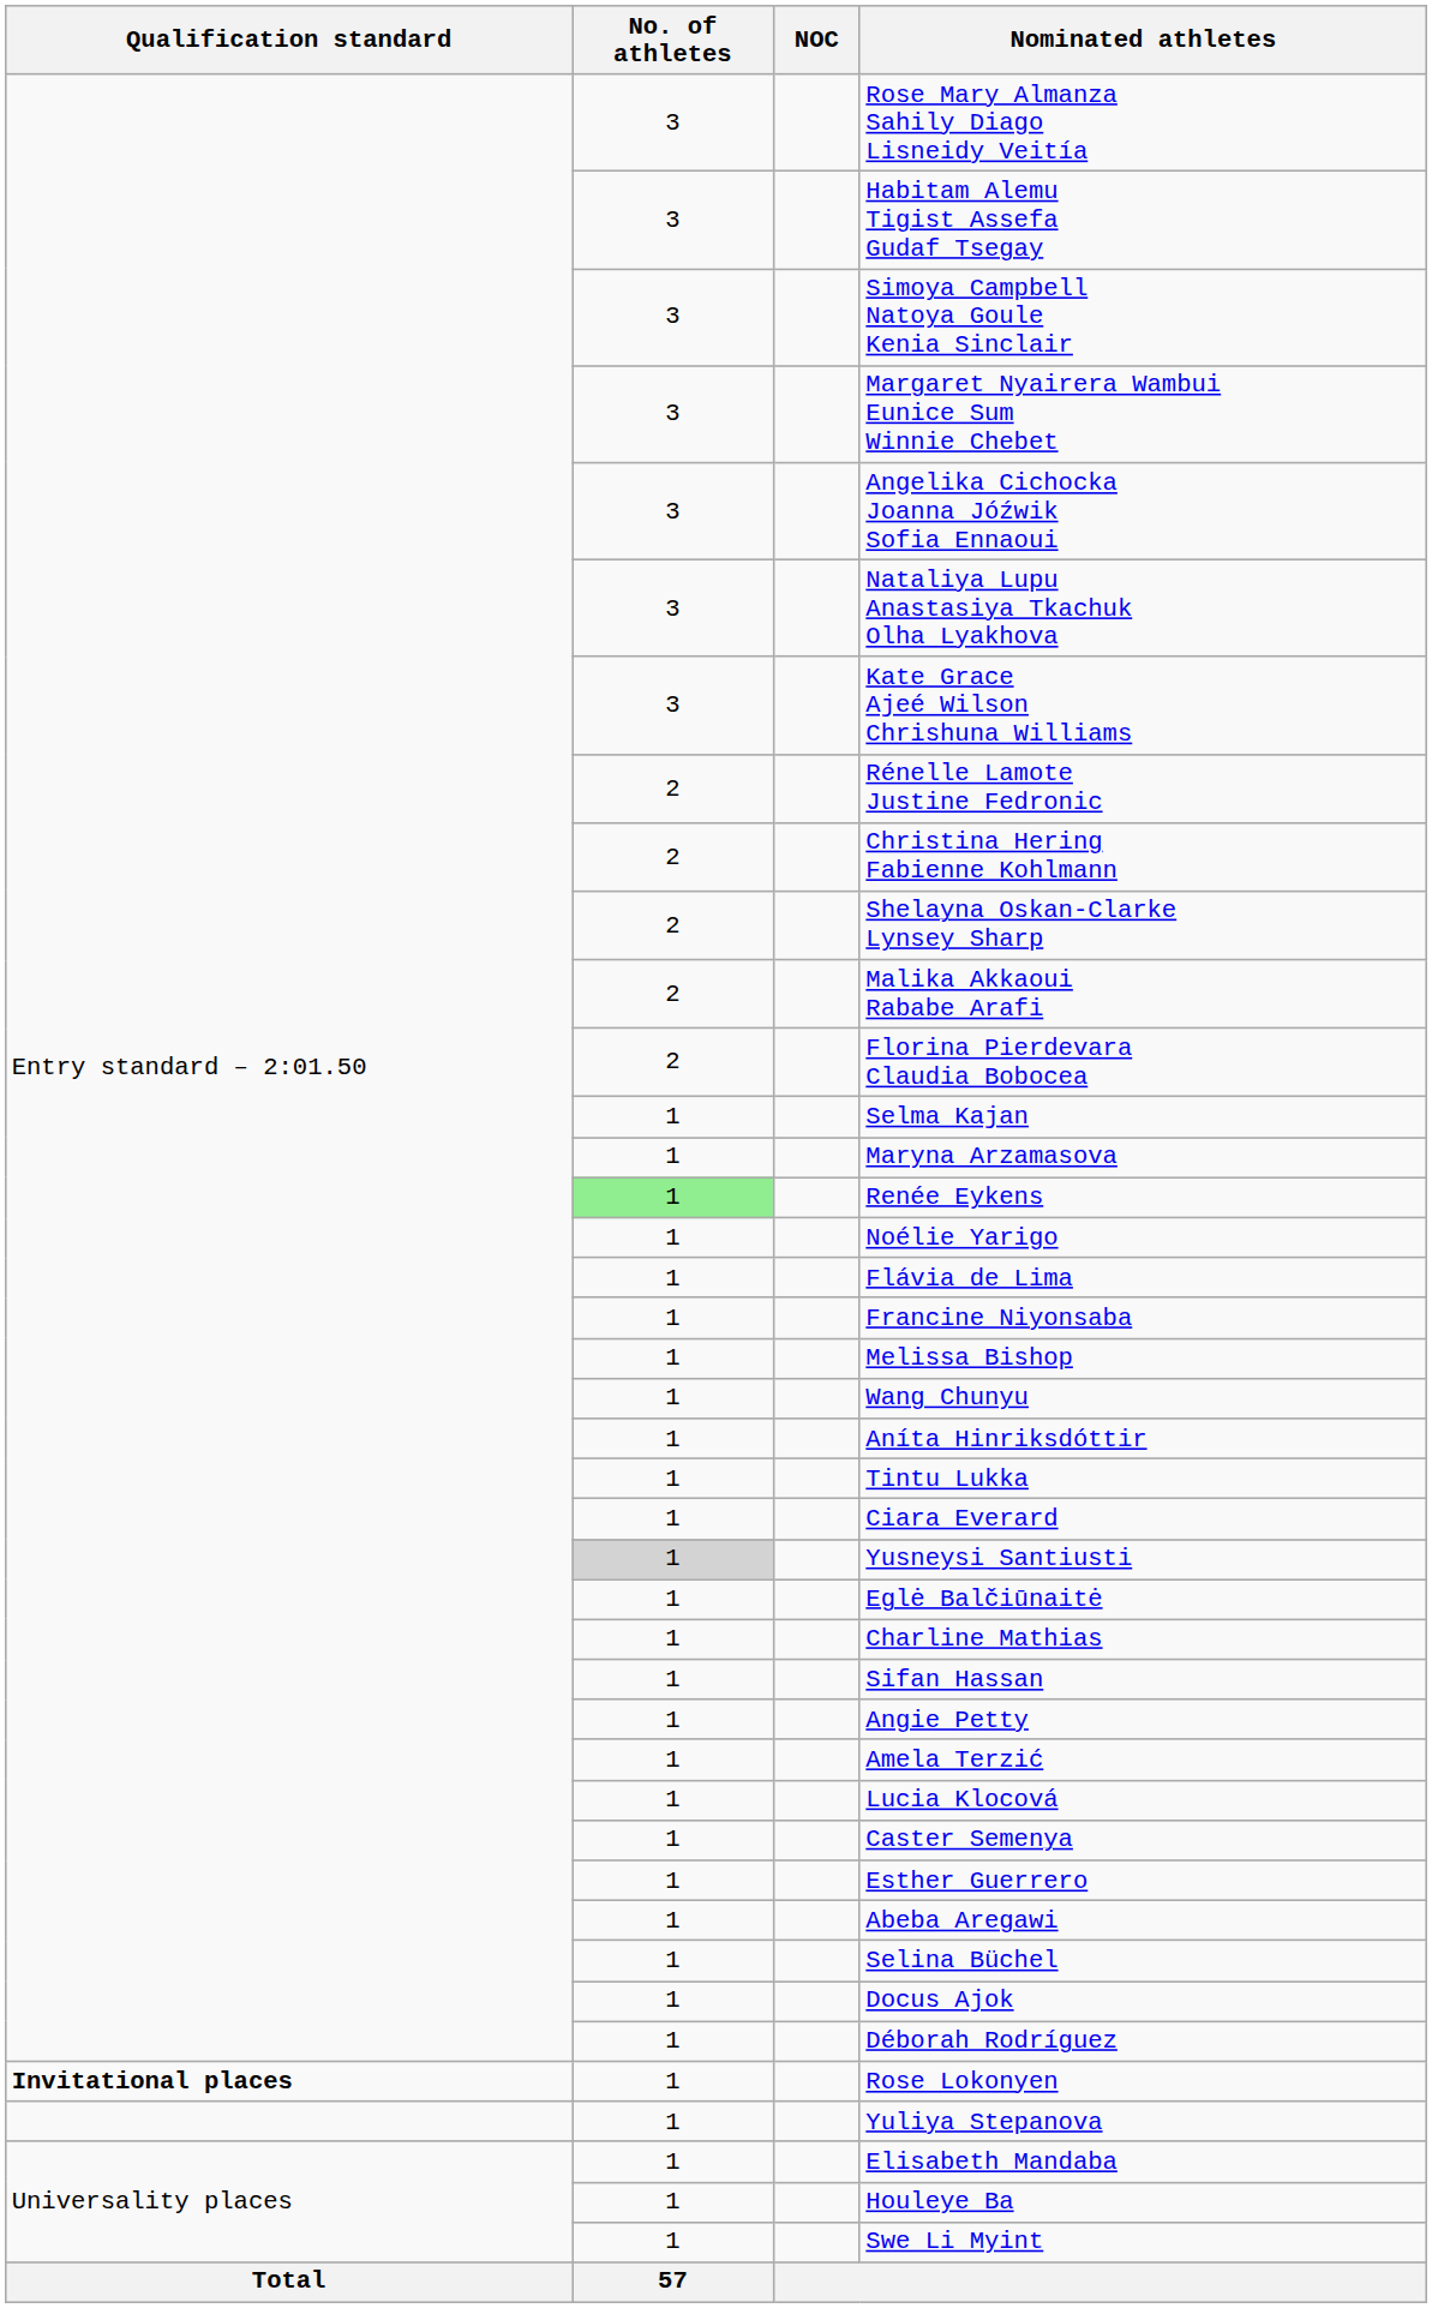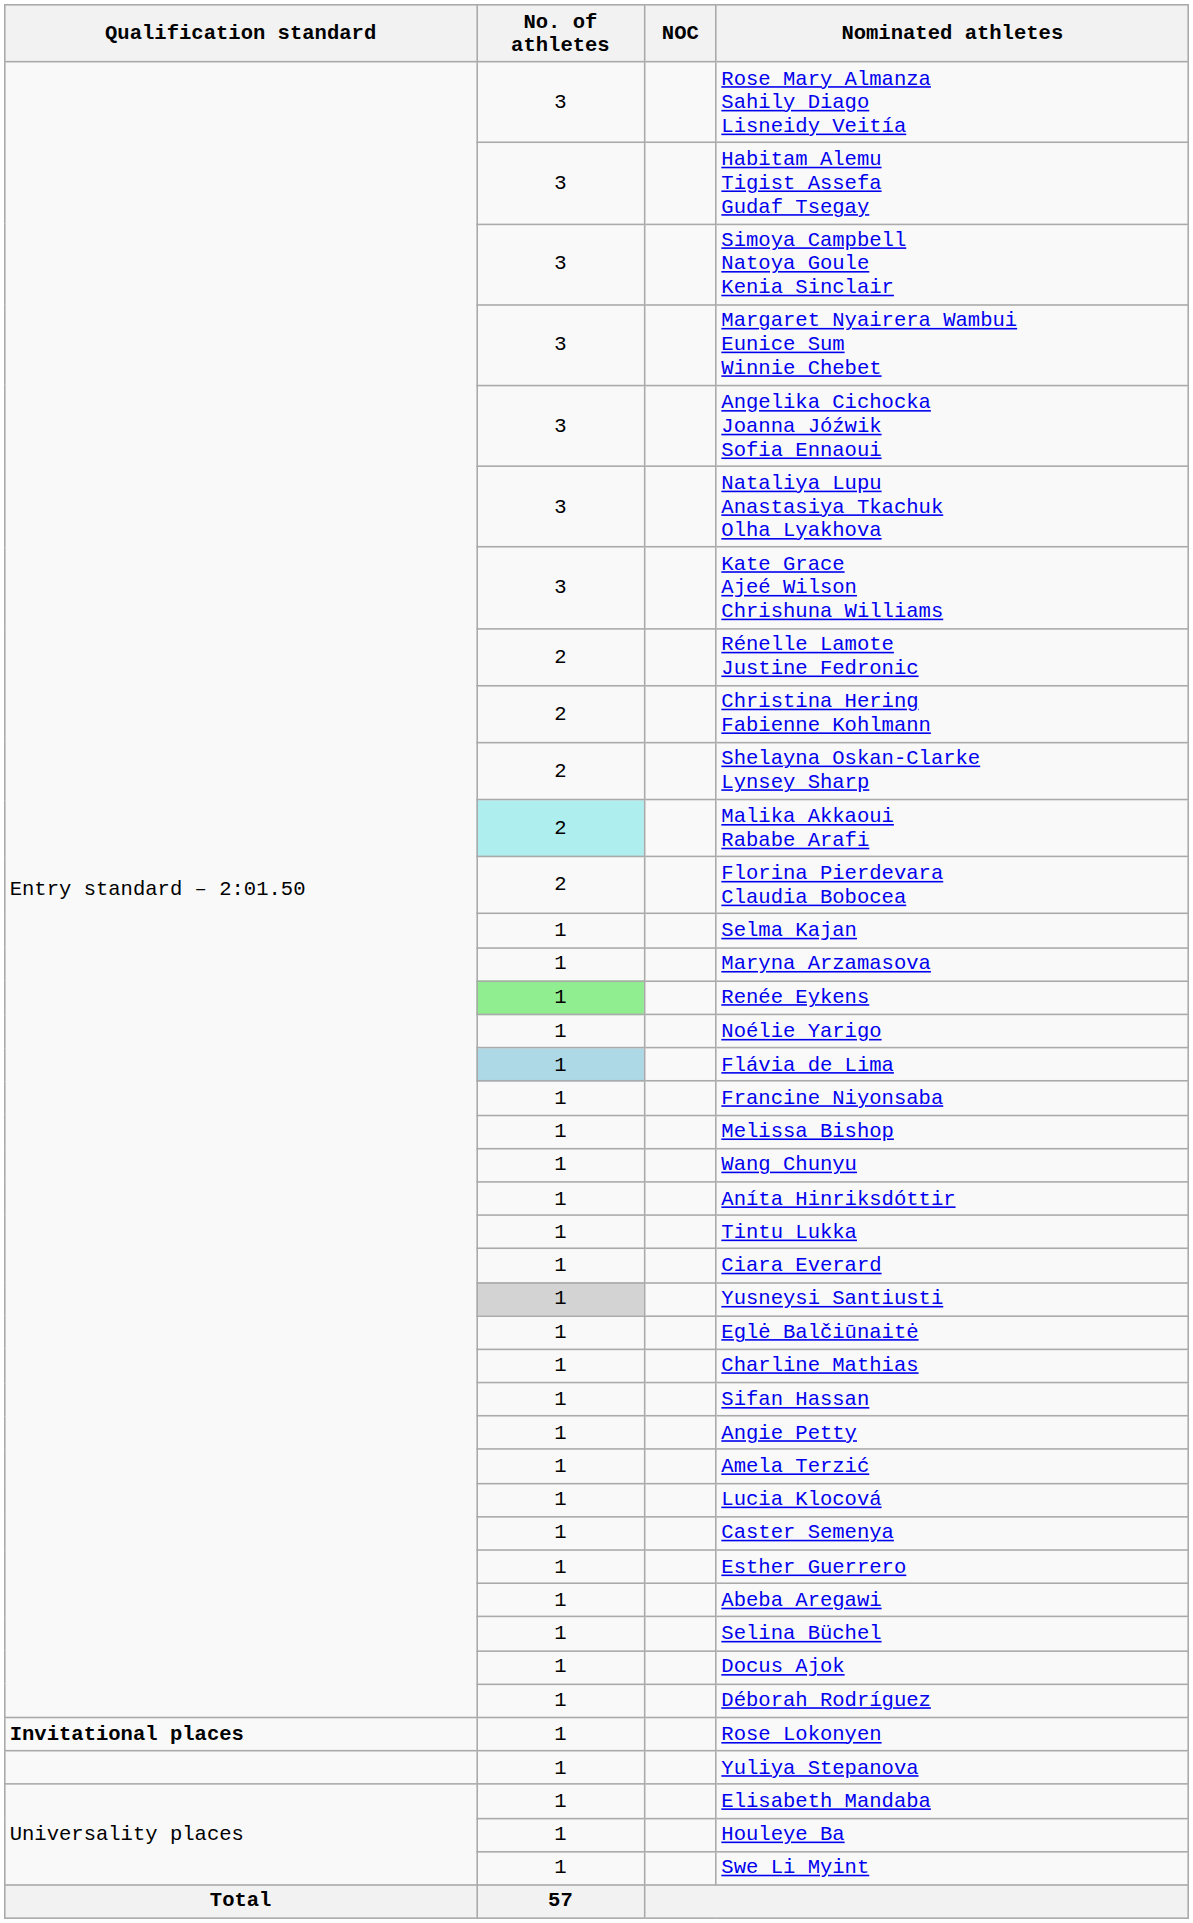 <table class="wikitable"  style="text-align:left; width:750px;">
 <tr>
 <th>Qualification standard</th>
 <th width=100>No. of athletes</th>
 <th>NOC</th>
 <th>Nominated athletes</th>
 </tr>
 <tr>
 <td rowspan=36>Entry standard – 2:01.50</td>
 <td style="text-align:center;">3</td>
 <td></td>
 <td><a href='#'>Rose Mary Almanza</a><br><a href='#'>Sahily Diago</a><br><a href='#'>Lisneidy Veitía</a></td>
 </tr>
 <tr>
 <td style="text-align:center;">3</td>
 <td></td>
 <td><a href='#'>Habitam Alemu</a><br><a href='#'>Tigist Assefa</a><br><a href='#'>Gudaf Tsegay</a></td>
 </tr>
 <tr>
 <td style="text-align:center;">3</td>
 <td></td>
 <td><a href='#'>Simoya Campbell</a><br><a href='#'>Natoya Goule</a><br><a href='#'>Kenia Sinclair</a></td>
 </tr>
 <tr>
 <td style="text-align:center;">3</td>
 <td></td>
 <td><a href='#'>Margaret Nyairera Wambui</a><br><a href='#'>Eunice Sum</a><br><a href='#'>Winnie Chebet</a></td>
 </tr>
 <tr>
 <td style="text-align:center;">3</td>
 <td></td>
 <td><a href='#'>Angelika Cichocka</a><br><a href='#'>Joanna Jóźwik</a><br><a href='#'>Sofia Ennaoui</a></td>
 </tr>
 <tr>
 <td style="text-align:center;">3</td>
 <td></td>
 <td><a href='#'>Nataliya Lupu</a><br><a href='#'>Anastasiya Tkachuk</a><br><a href='#'>Olha Lyakhova</a></td>
 </tr>
 <tr>
 <td style="text-align:center;">3</td>
 <td></td>
 <td><a href='#'>Kate Grace</a><br><a href='#'>Ajeé Wilson</a><br><a href='#'>Chrishuna Williams</a></td>
 </tr>
 <tr>
 <td style="text-align:center;">2</td>
 <td></td>
 <td><a href='#'>Rénelle Lamote</a><br><a href='#'>Justine Fedronic</a></td>
 </tr>
 <tr>
 <td style="text-align:center;">2</td>
 <td></td>
 <td><a href='#'>Christina Hering</a><br><a href='#'>Fabienne Kohlmann</a></td>
 </tr>
 <tr>
 <td style="text-align:center;">2</td>
 <td></td>
 <td><a href='#'>Shelayna Oskan-Clarke</a><br><a href='#'>Lynsey Sharp</a></td>
 </tr>
 <tr>
-<td style="text-align:center;">2</td>
+<td style="background: paleturquoise; text-align:center;">2</td>
 <td></td>
 <td><a href='#'>Malika Akkaoui</a><br><a href='#'>Rababe Arafi</a></td>
 </tr>
 <tr>
 <td style="text-align:center;">2</td>
 <td></td>
 <td><a href='#'>Florina Pierdevara</a><br><a href='#'>Claudia Bobocea</a></td>
 </tr>
 <tr>
 <td style="text-align:center;">1</td>
 <td></td>
 <td><a href='#'>Selma Kajan</a></td>
 </tr>
 <tr>
 <td style="text-align:center;">1</td>
 <td></td>
 <td><a href='#'>Maryna Arzamasova</a></td>
 </tr>
 <tr>
 <td style="background: lightgreen; text-align:center;">1</td>
 <td></td>
 <td><a href='#'>Renée Eykens</a></td>
 </tr>
 <tr>
 <td style="text-align:center;">1</td>
 <td></td>
 <td><a href='#'>Noélie Yarigo</a></td>
 </tr>
 <tr>
-<td style="text-align:center;">1</td>
+<td style="background: lightblue; text-align:center;">1</td>
 <td></td>
 <td><a href='#'>Flávia de Lima</a></td>
 </tr>
 <tr>
 <td style="text-align:center;">1</td>
 <td></td>
 <td><a href='#'>Francine Niyonsaba</a></td>
 </tr>
 <tr>
 <td style="text-align:center;">1</td>
 <td></td>
 <td><a href='#'>Melissa Bishop</a></td>
 </tr>
 <tr>
 <td style="text-align:center;">1</td>
 <td></td>
 <td><a href='#'>Wang Chunyu</a></td>
 </tr>
 <tr>
 <td style="text-align:center;">1</td>
 <td></td>
 <td><a href='#'>Aníta Hinriksdóttir</a></td>
 </tr>
 <tr>
 <td style="text-align:center;">1</td>
 <td></td>
 <td><a href='#'>Tintu Lukka</a></td>
 </tr>
 <tr>
 <td style="text-align:center;">1</td>
 <td></td>
 <td><a href='#'>Ciara Everard</a></td>
 </tr>
 <tr>
 <td style="background: lightgrey; text-align:center;">1</td>
 <td></td>
 <td><a href='#'>Yusneysi Santiusti</a></td>
 </tr>
 <tr>
 <td style="text-align:center;">1</td>
 <td></td>
 <td><a href='#'>Eglė Balčiūnaitė</a></td>
 </tr>
 <tr>
 <td style="text-align:center;">1</td>
 <td></td>
 <td><a href='#'>Charline Mathias</a></td>
 </tr>
 <tr>
 <td style="text-align:center;">1</td>
 <td></td>
 <td><a href='#'>Sifan Hassan</a></td>
 </tr>
 <tr>
 <td style="text-align:center;">1</td>
 <td></td>
 <td><a href='#'>Angie Petty</a></td>
 </tr>
 <tr>
 <td style="text-align:center;">1</td>
 <td></td>
 <td><a href='#'>Amela Terzić</a></td>
 </tr>
 <tr>
 <td style="text-align:center;">1</td>
 <td></td>
 <td><a href='#'>Lucia Klocová</a></td>
 </tr>
 <tr>
 <td style="text-align:center;">1</td>
 <td></td>
 <td><a href='#'>Caster Semenya</a></td>
 </tr>
 <tr>
 <td style="text-align:center;">1</td>
 <td></td>
 <td><a href='#'>Esther Guerrero</a></td>
 </tr>
 <tr>
 <td style="text-align:center;">1</td>
 <td></td>
 <td><a href='#'>Abeba Aregawi</a></td>
 </tr>
 <tr>
 <td style="text-align:center;">1</td>
 <td></td>
 <td><a href='#'>Selina Büchel</a></td>
 </tr>
 <tr>
 <td style="text-align:center;">1</td>
 <td></td>
 <td><a href='#'>Docus Ajok</a></td>
 </tr>
 <tr>
 <td style="text-align:center;">1</td>
 <td></td>
 <td><a href='#'>Déborah Rodríguez</a></td>
 </tr>
 <tr>
 <td><strong>Invitational places</strong></td>
 <td style="text-align:center;">1</td>
 <td></td>
 <td><a href='#'>Rose Lokonyen</a></td>
 </tr>
 <tr>
 <td></td>
 <td style="text-align:center;">1</td>
 <td></td>
 <td><a href='#'>Yuliya Stepanova</a></td>
 </tr>
 <tr>
 <td rowspan=3>Universality places</td>
 <td style="text-align:center;">1</td>
 <td></td>
 <td><a href='#'>Elisabeth Mandaba</a></td>
 </tr>
 <tr>
 <td style="text-align:center;">1</td>
 <td></td>
 <td><a href='#'>Houleye Ba</a></td>
 </tr>
 <tr>
 <td style="text-align:center;">1</td>
 <td></td>
 <td><a href='#'>Swe Li Myint</a></td>
 </tr>
 <tr>
 <th>Total</th>
 <th>57</th>
 <th colspan=2></th>
 </tr>
 </table>
